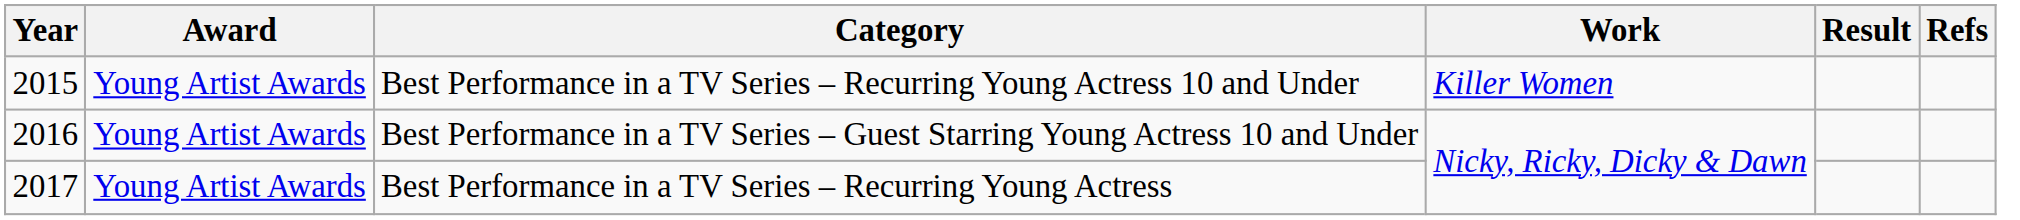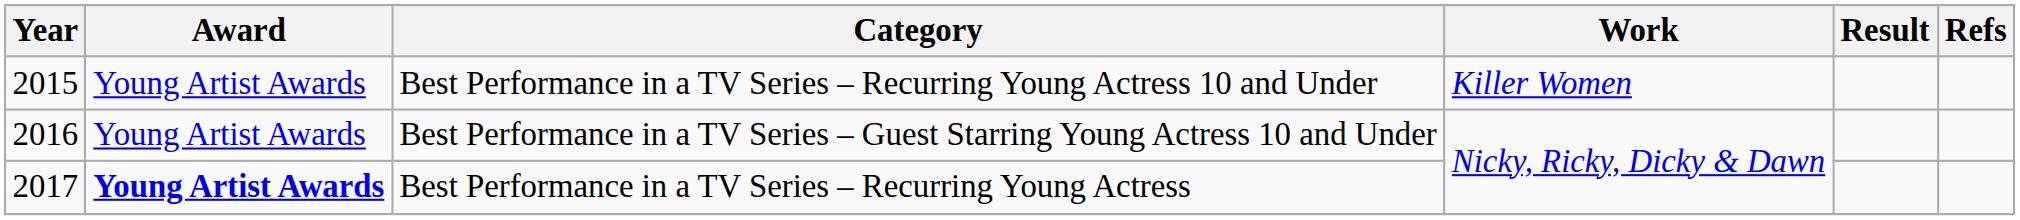 <table class="wikitable sortable plainrowheaders">
 <tr>
 <th>Year</th>
 <th>Award</th>
 <th>Category</th>
 <th>Work</th>
 <th>Result</th>
 <th class="unsortable">Refs</th>
 </tr>
 <tr>
 <td>2015</td>
 <td><a href='#'>Young Artist Awards</a></td>
 <td>Best Performance in a TV Series – Recurring Young Actress 10 and Under</td>
 <td><em><a href='#'>Killer Women</a></em></td>
 <td></td>
 <td style="text-align:center;"></td>
 </tr>
 <tr>
 <td>2016</td>
 <td><a href='#'>Young Artist Awards</a></td>
 <td>Best Performance in a TV Series – Guest Starring Young Actress 10 and Under</td>
 <td rowspan="2"><em><a href='#'>Nicky, Ricky, Dicky & Dawn</a></em></td>
 <td></td>
 <td style="text-align:center;"></td>
 </tr>
 <tr>
 <td>2017</td>
-<td><a href='#'>Young Artist Awards</a></td>
+<td><strong><a href='#'>Young Artist Awards</a></strong></td>
 <td>Best Performance in a TV Series – Recurring Young Actress</td>
 <td></td>
 <td style="text-align:center;"></td>
 </tr>
 </table>
